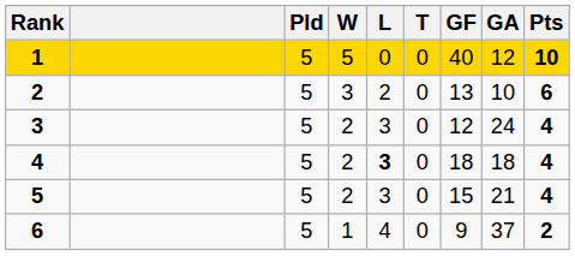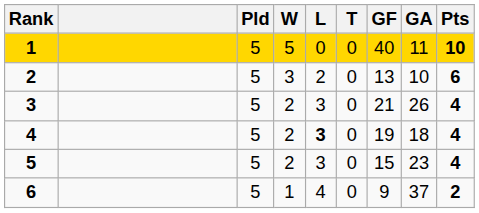 <table class="wikitable">
 <tr>
 <th bgcolor="#efefef" width="20">Rank</th>
 <th bgcolor="#efefef" width="150"></th>
 <th bgcolor="#efefef" width="20">Pld</th>
 <th bgcolor="#efefef" width="20">W</th>
 <th bgcolor="#efefef" width="20">L</th>
 <th bgcolor="#efefef" width="20">T</th>
 <th bgcolor="#efefef" width="20">GF</th>
 <th bgcolor="#efefef" width="20">GA</th>
 <th bgcolor="#efefef" width="20">Pts</th>
 </tr>
 <tr align=center bgcolor="gold">
 <td><strong>1</strong></td>
 <td align=left> </td>
 <td>5</td>
 <td>5</td>
 <td>0</td>
 <td>0</td>
 <td>40</td>
-<td>12</td>
+<td>11</td>
 <td><strong>10</strong></td>
 </tr>
 <tr align=center>
 <td><strong>2</strong></td>
 <td align=left></td>
 <td>5</td>
 <td>3</td>
 <td>2</td>
 <td>0</td>
 <td>13</td>
 <td>10</td>
 <td><strong>6</strong></td>
 </tr>
 <tr align=center>
 <td><strong>3</strong></td>
 <td align=left></td>
 <td>5</td>
 <td>2</td>
 <td>3</td>
 <td>0</td>
-<td>12</td>
-<td>24</td>
+<td>21</td>
+<td>26</td>
 <td><strong>4</strong></td>
 </tr>
 <tr align=center>
 <td><strong>4</strong></td>
 <td align=left></td>
 <td>5</td>
 <td>2</td>
 <td><strong>3</strong></td>
 <td>0</td>
-<td>18</td>
+<td>19</td>
 <td>18</td>
 <td><strong>4</strong></td>
 </tr>
 <tr align=center>
 <td><strong>5</strong></td>
 <td align=left></td>
 <td>5</td>
 <td>2</td>
 <td>3</td>
 <td>0</td>
 <td>15</td>
-<td>21</td>
+<td>23</td>
 <td><strong>4</strong></td>
 </tr>
 <tr align=center>
 <td><strong>6</strong></td>
 <td align=left></td>
 <td>5</td>
 <td>1</td>
 <td>4</td>
 <td>0</td>
 <td>9</td>
 <td>37</td>
 <td><strong>2</strong></td>
 </tr>
 </table>
